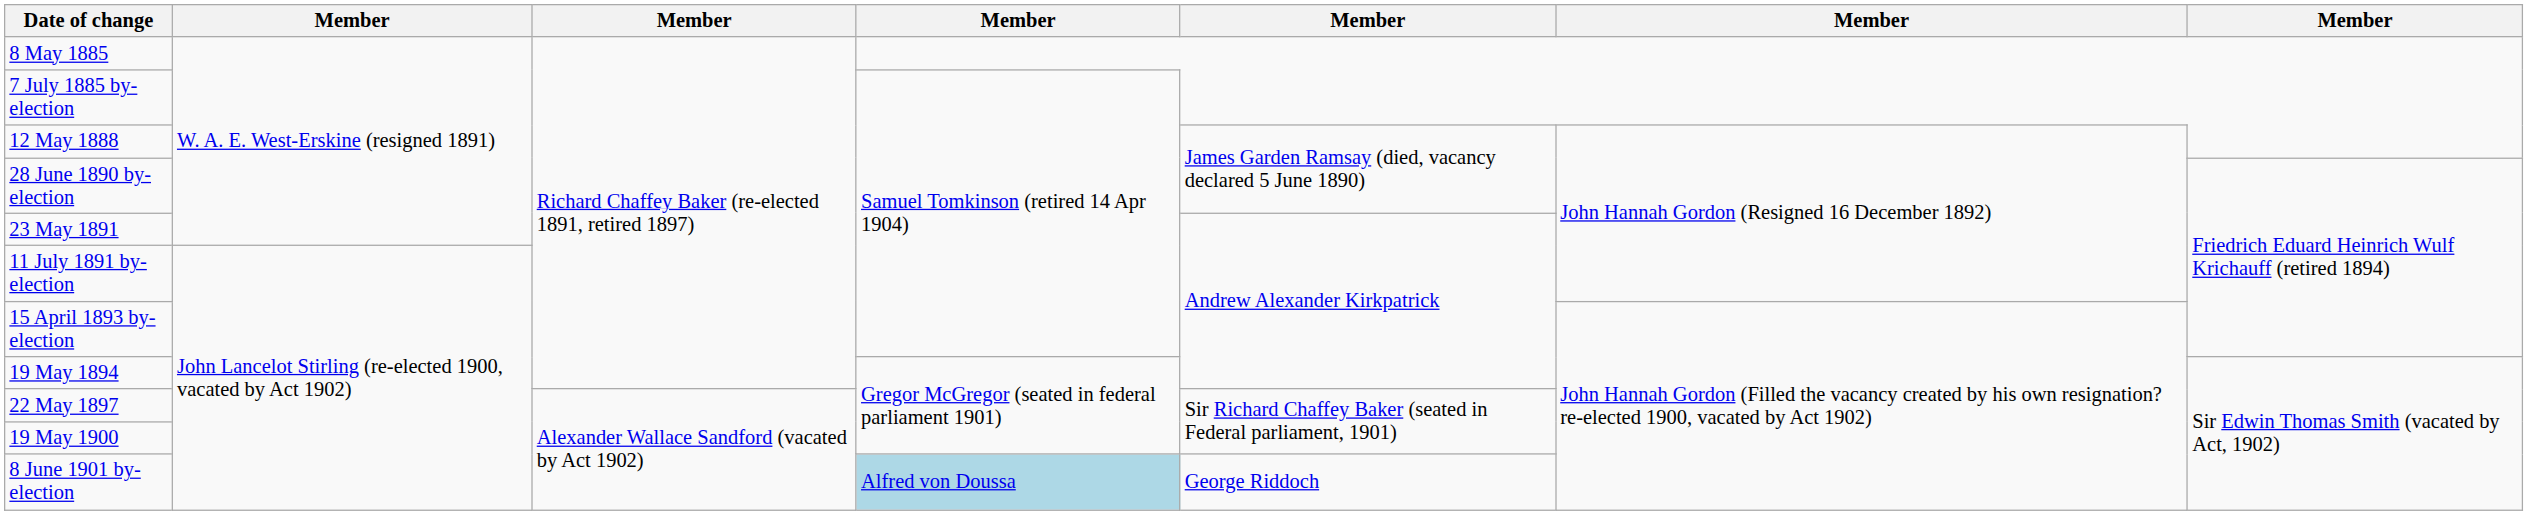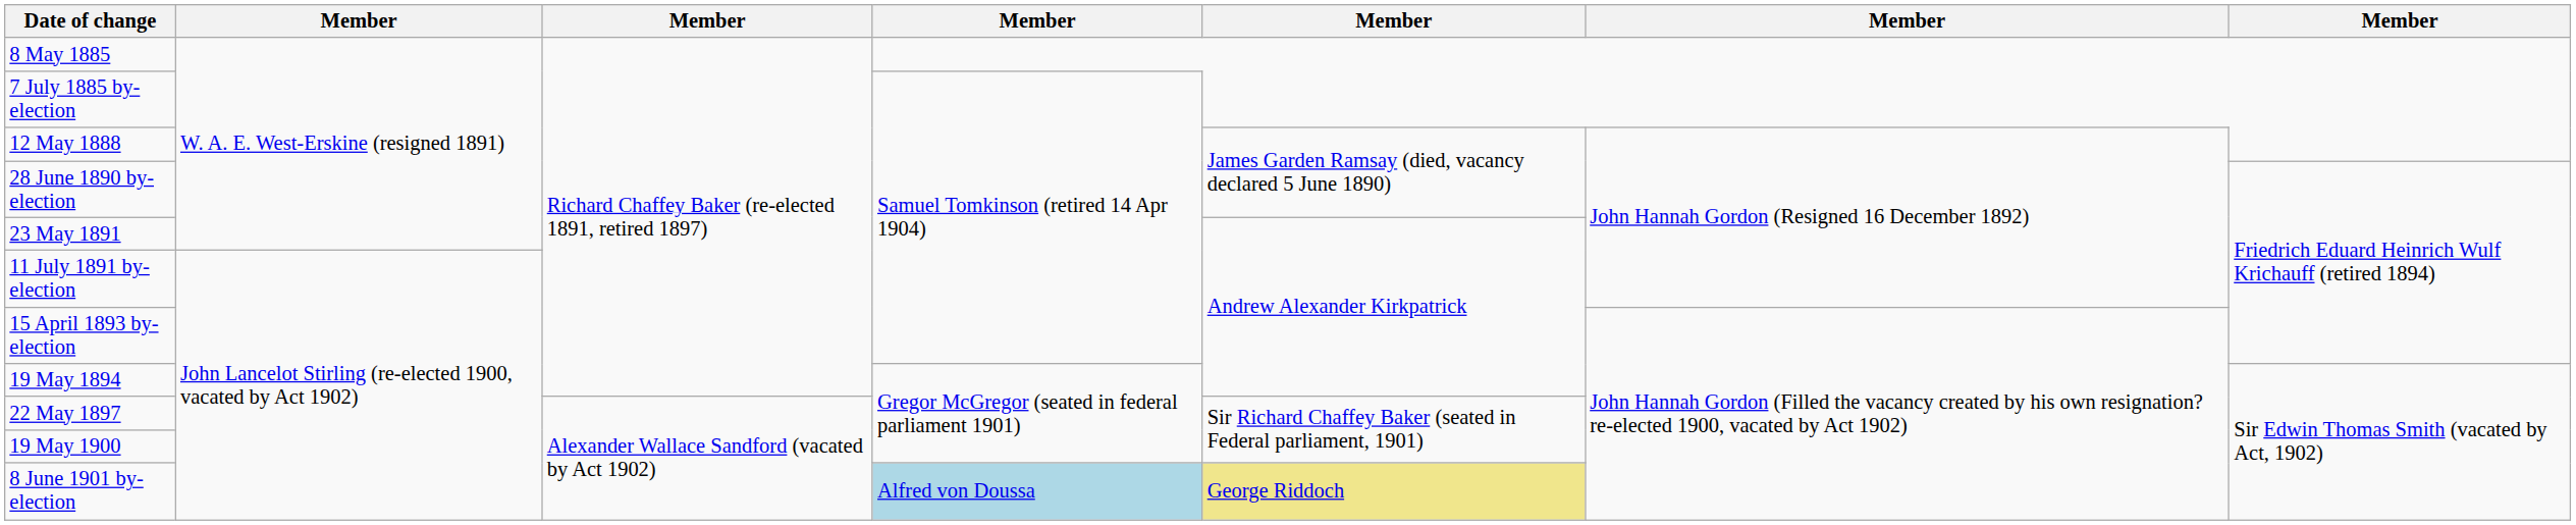 <table class="wikitable">
 <tr>
 <th>Date of change</th>
 <th>Member</th>
 <th>Member</th>
 <th>Member</th>
 <th>Member</th>
 <th>Member</th>
 <th>Member</th>
 </tr>
 <tr>
 <td><a href='#'>8 May 1885</a></td>
 <td rowspan=5><a href='#'>W. A. E. West-Erskine</a> (resigned 1891)</td>
 <td rowspan=8><a href='#'>Richard Chaffey Baker</a> (re-elected 1891, retired 1897)</td>
 </tr>
 <tr>
 <td><a href='#'>7 July 1885 by-election</a></td>
 <td rowspan=6><a href='#'>Samuel Tomkinson</a> (retired 14 Apr 1904)</td>
 </tr>
 <tr>
 <td><a href='#'>12 May 1888</a></td>
 <td rowspan=2><a href='#'>James Garden Ramsay</a> (died, vacancy declared 5 June 1890)</td>
 <td rowspan=4><a href='#'>John Hannah Gordon</a> (Resigned 16 December 1892)</td>
 </tr>
 <tr>
 <td><a href='#'>28 June 1890 by-election</a></td>
 <td rowspan=4><a href='#'>Friedrich Eduard Heinrich Wulf Krichauff</a> (retired 1894)</td>
 </tr>
 <tr>
 <td><a href='#'>23 May 1891</a></td>
 <td rowspan=4><a href='#'>Andrew Alexander Kirkpatrick</a></td>
 </tr>
 <tr>
 <td><a href='#'>11 July 1891 by-election</a></td>
 <td rowspan=6><a href='#'>John Lancelot Stirling</a> (re-elected 1900, vacated by Act 1902)</td>
 </tr>
 <tr>
 <td><a href='#'>15 April 1893 by-election</a></td>
 <td rowspan=5><a href='#'>John Hannah Gordon</a> (Filled the vacancy created by his own resignation? re-elected 1900, vacated by Act 1902)</td>
 </tr>
 <tr>
 <td><a href='#'>19 May 1894</a></td>
 <td rowspan=3><a href='#'>Gregor McGregor</a> (seated in federal parliament 1901)</td>
 <td rowspan=4>Sir <a href='#'>Edwin Thomas Smith</a> (vacated by Act, 1902)</td>
 </tr>
 <tr>
 <td><a href='#'>22 May 1897</a></td>
 <td rowspan=3><a href='#'>Alexander Wallace Sandford</a> (vacated by Act 1902)</td>
 <td rowspan=2>Sir <a href='#'>Richard Chaffey Baker</a> (seated in Federal parliament, 1901)</td>
 </tr>
 <tr>
 <td><a href='#'>19 May 1900</a></td>
 </tr>
 <tr>
 <td><a href='#'>8 June 1901 by-election</a></td>
 <td style="background: lightblue;"><a href='#'>Alfred von Doussa</a></td>
-<td><a href='#'>George Riddoch</a></td>
+<td style="background: khaki;"><a href='#'>George Riddoch</a></td>
 </tr>
 </table>
